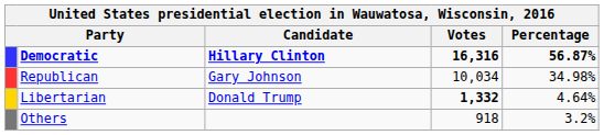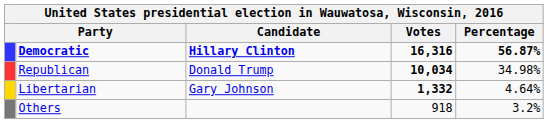 <table class="wikitable" style="font-size:95%;">
 <tr>
 <th colspan="7">United States presidential election in Wauwatosa, Wisconsin, 2016</th>
 </tr>
 <tr>
 <th colspan="2" style="width: 15em">Party</th>
 <th style="width: 17em">Candidate</th>
 <th style="width: 5em">Votes</th>
 <th style="width: 7em">Percentage</th>
 </tr>
 <tr>
 <th style="background:#33f; width:3px;"></th>
 <td style="width: 130px"><strong><a href='#'>Democratic</a></strong></td>
 <td><strong><a href='#'>Hillary Clinton</a></strong></td>
 <td style="text-align:right;"><strong>16,316</strong></td>
 <td style="text-align:right;"><strong>56.87%</strong></td>
 </tr>
 <tr>
 <th style="background:#f33; width:3px;"></th>
 <td style="width: 130px"><a href='#'>Republican</a></td>
-<td><a href='#'>Gary Johnson</a></td>
-<td style="text-align:right;">10,034</td>
+<td><a href='#'>Donald Trump</a></td>
+<td style="text-align:right;"><strong>10,034</strong></td>
 <td style="text-align:right;">34.98%</td>
 </tr>
 <tr>
 <th style="background:gold; width:3px;"></th>
 <td style="width: 130px"><a href='#'>Libertarian</a></td>
-<td><a href='#'>Donald Trump</a></td>
+<td><a href='#'>Gary Johnson</a></td>
 <td style="text-align:right;"><strong>1,332</strong></td>
 <td style="text-align:right;">4.64%</td>
 </tr>
 <tr>
 <th style="background:#777; width:3px;"></th>
 <td style="width: 130px"><a href='#'>Others</a></td>
 <td></td>
 <td style="text-align:right;">918</td>
 <td style="text-align:right;">3.2%</td>
 </tr>
 </table>
